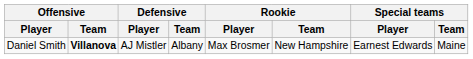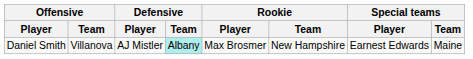 <table class="wikitable" border="1">
 <tr>
 <th colspan="2">Offensive</th>
 <th colspan="2">Defensive</th>
 <th colspan="2">Rookie</th>
 <th colspan="2">Special teams</th>
 </tr>
 <tr>
 <th>Player</th>
 <th>Team</th>
 <th>Player</th>
 <th>Team</th>
 <th>Player</th>
 <th>Team</th>
 <th>Player</th>
 <th>Team</th>
 </tr>
 <tr>
 <td>Daniel Smith</td>
-<td><strong>Villanova</strong></td>
+<td>Villanova</td>
 <td>AJ Mistler</td>
-<td>Albany</td>
+<td style="background: paleturquoise;">Albany</td>
 <td>Max Brosmer</td>
 <td>New Hampshire</td>
 <td>Earnest Edwards</td>
 <td>Maine</td>
 </tr>
 </table>
